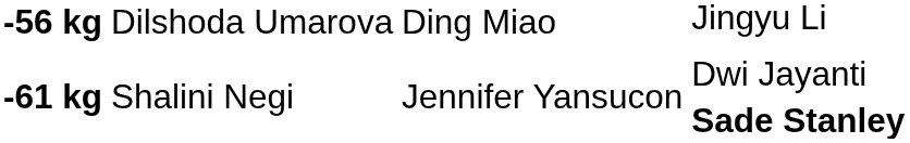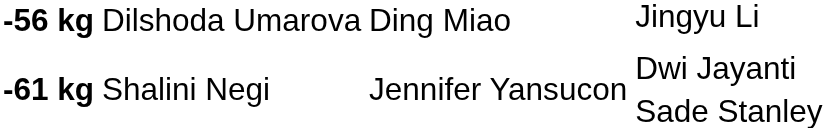 <table>
 <tr>
 <th scope=row rowspan=2>-56 kg</th>
 <td rowspan=2> Dilshoda Umarova</td>
 <td rowspan=2> Ding Miao</td>
 <td> Jingyu Li</td>
 </tr>
 <tr>
 <td></td>
 </tr>
 <tr>
 <th scope=row rowspan=2>-61 kg</th>
 <td rowspan=2> Shalini Negi</td>
 <td rowspan=2> Jennifer Yansucon</td>
 <td> Dwi Jayanti</td>
 </tr>
 <tr>
-<td><strong> Sade Stanley</strong></td>
+<td> Sade Stanley</td>
 </tr>
 <tr>
 </tr>
 </table>
